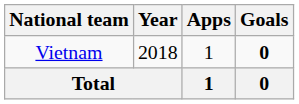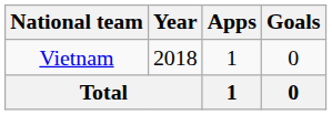 <table class="wikitable" style="text-align:center">
 <tr>
 <th>National team</th>
 <th>Year</th>
 <th>Apps</th>
 <th>Goals</th>
 </tr>
 <tr>
 <td><a href='#'>Vietnam</a></td>
 <td>2018</td>
 <td>1</td>
-<td><strong>0</strong></td>
+<td>0</td>
 </tr>
 <tr>
 <th colspan="2">Total</th>
 <th>1</th>
 <th>0</th>
 </tr>
 </table>
